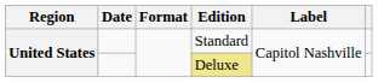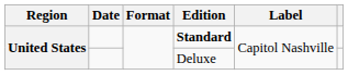 <table class="wikitable plainrowheaders">
 <tr>
 <th scope="col">Region</th>
 <th scope="col">Date</th>
 <th scope="col">Format</th>
 <th scope="col">Edition</th>
 <th scope="col">Label</th>
 <th scope="col"></th>
 </tr>
 <tr>
 <th scope="row" rowspan="2">United States</th>
 <td></td>
 <td rowspan="2"></td>
-<td>Standard</td>
+<td><strong>Standard</strong></td>
 <td rowspan="2">Capitol Nashville</td>
 <td></td>
 </tr>
 <tr>
 <td></td>
-<td style="background: khaki;">Deluxe</td>
+<td>Deluxe</td>
 <td></td>
 </tr>
 </table>
